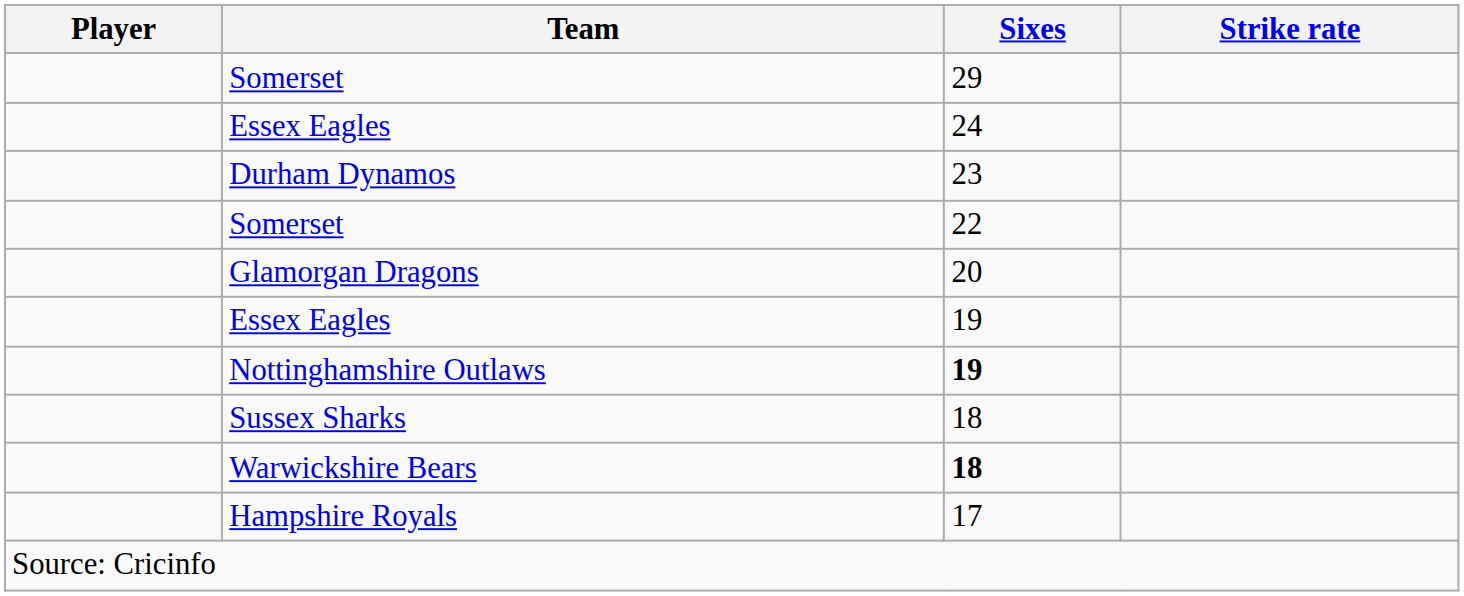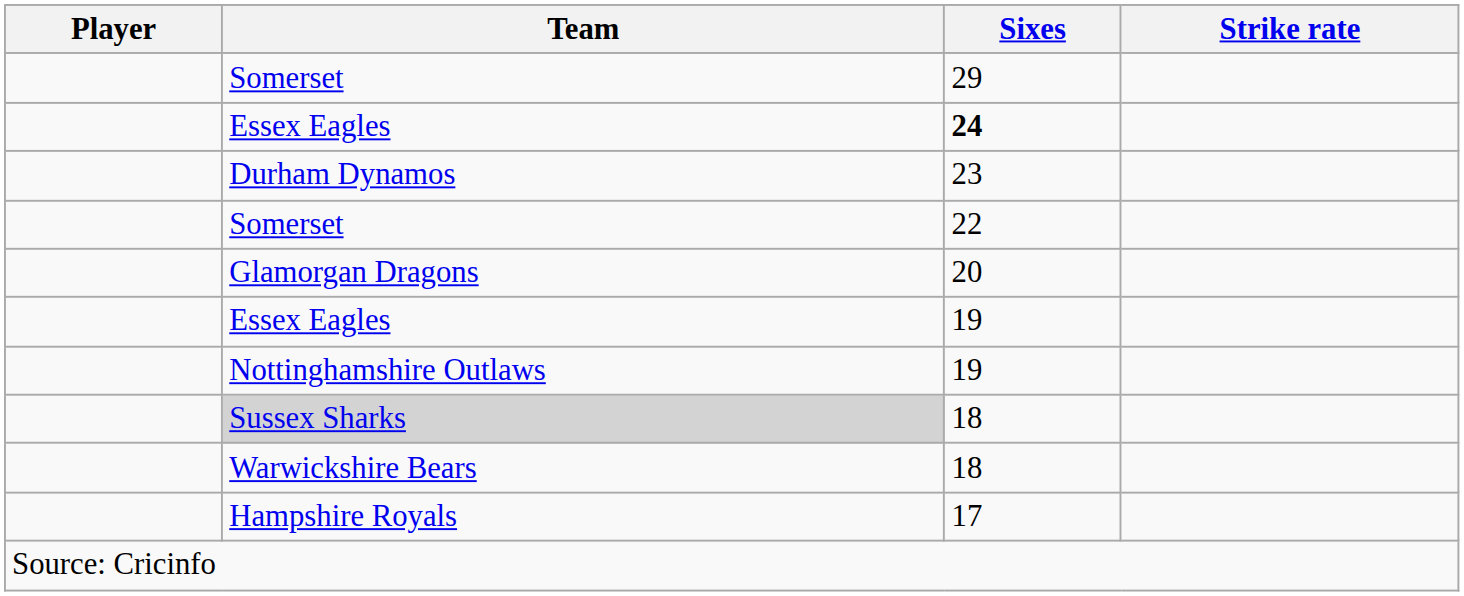 <table class="wikitable sortable" style="width:60%;">
 <tr>
 <th>Player</th>
 <th>Team</th>
 <th><a href='#'>Sixes</a></th>
 <th><a href='#'>Strike rate</a></th>
 </tr>
 <tr>
 <td></td>
 <td><a href='#'>Somerset</a></td>
 <td>29</td>
 <td></td>
 </tr>
 <tr>
 <td></td>
 <td><a href='#'>Essex Eagles</a></td>
-<td>24</td>
+<td><strong>24</strong></td>
 <td></td>
 </tr>
 <tr>
 <td></td>
 <td><a href='#'>Durham Dynamos</a></td>
 <td>23</td>
 <td></td>
 </tr>
 <tr>
 <td></td>
 <td><a href='#'>Somerset</a></td>
 <td>22</td>
 <td></td>
 </tr>
 <tr>
 <td></td>
 <td><a href='#'>Glamorgan Dragons</a></td>
 <td>20</td>
 <td></td>
 </tr>
 <tr>
 <td></td>
 <td><a href='#'>Essex Eagles</a></td>
 <td>19</td>
 <td></td>
 </tr>
 <tr>
 <td></td>
 <td><a href='#'>Nottinghamshire Outlaws</a></td>
-<td><strong>19</strong></td>
+<td>19</td>
 <td></td>
 </tr>
 <tr>
 <td></td>
-<td><a href='#'>Sussex Sharks</a></td>
+<td style="background: lightgrey;"><a href='#'>Sussex Sharks</a></td>
 <td>18</td>
 <td></td>
 </tr>
 <tr>
 <td></td>
 <td><a href='#'>Warwickshire Bears</a></td>
-<td><strong>18</strong></td>
+<td>18</td>
 <td></td>
 </tr>
 <tr>
 <td></td>
 <td><a href='#'>Hampshire Royals</a></td>
 <td>17</td>
 <td></td>
 </tr>
 <tr class="unsortable">
 <td colspan="10">Source: Cricinfo</td>
 </tr>
 </table>
